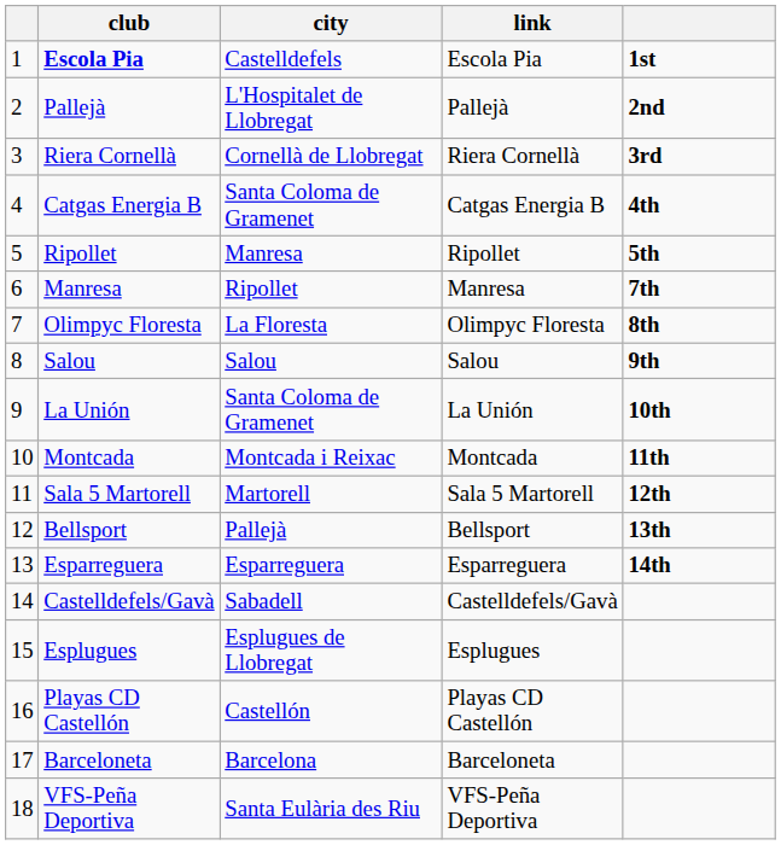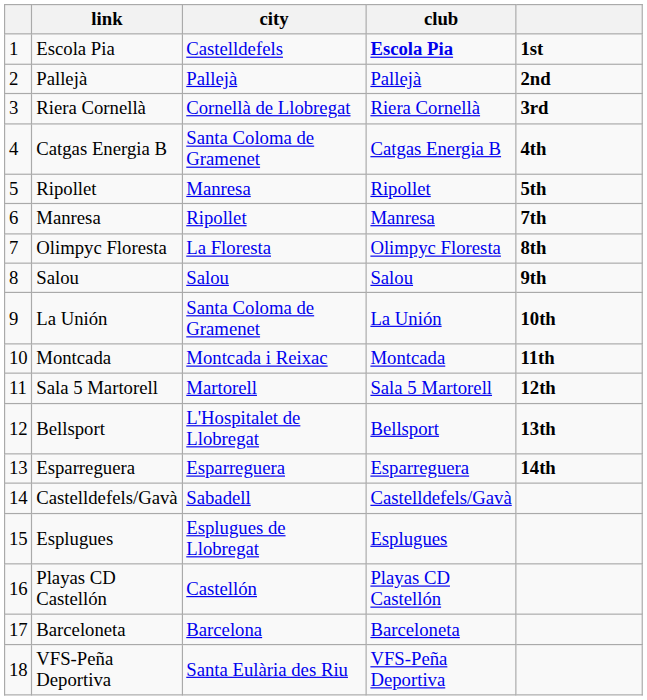 <table class="wikitable sortable">
 <tr>
 <th width=5></th>
+<th width=120>link</th>
+<th width=150>city</th>
 <th width=110>club</th>
-<th width=150>city</th>
-<th width=120>link</th>
 <th width=100></th>
 </tr>
 <tr>
 <td>1</td>
+<td>Escola Pia</td>
+<td><a href='#'>Castelldefels</a></td>
 <td><strong><a href='#'>Escola Pia</a></strong></td>
-<td><a href='#'>Castelldefels</a></td>
-<td>Escola Pia</td>
 <td><strong>1st</strong></td>
 </tr>
 <tr>
 <td>2</td>
+<td>Pallejà</td>
 <td><a href='#'>Pallejà</a></td>
-<td><a href='#'>L'Hospitalet de Llobregat</a></td>
-<td>Pallejà</td>
+<td><a href='#'>Pallejà</a></td>
 <td><strong>2nd</strong></td>
 </tr>
 <tr>
 <td>3</td>
+<td>Riera Cornellà</td>
+<td><a href='#'>Cornellà de Llobregat</a></td>
 <td><a href='#'>Riera Cornellà</a></td>
-<td><a href='#'>Cornellà de Llobregat</a></td>
-<td>Riera Cornellà</td>
 <td><strong>3rd</strong></td>
 </tr>
 <tr>
 <td>4</td>
+<td>Catgas Energia B</td>
+<td><a href='#'>Santa Coloma de Gramenet</a></td>
 <td><a href='#'>Catgas Energia B</a></td>
-<td><a href='#'>Santa Coloma de Gramenet</a></td>
-<td>Catgas Energia B</td>
 <td><strong>4th</strong></td>
 </tr>
 <tr>
 <td>5</td>
+<td>Ripollet</td>
+<td><a href='#'>Manresa</a></td>
 <td><a href='#'>Ripollet</a></td>
-<td><a href='#'>Manresa</a></td>
-<td>Ripollet</td>
 <td><strong>5th</strong></td>
 </tr>
 <tr>
 <td>6</td>
+<td>Manresa</td>
+<td><a href='#'>Ripollet</a></td>
 <td><a href='#'>Manresa</a></td>
-<td><a href='#'>Ripollet</a></td>
-<td>Manresa</td>
 <td><strong>7th</strong></td>
 </tr>
 <tr>
 <td>7</td>
+<td>Olimpyc Floresta</td>
+<td><a href='#'>La Floresta</a></td>
 <td><a href='#'>Olimpyc Floresta</a></td>
-<td><a href='#'>La Floresta</a></td>
-<td>Olimpyc Floresta</td>
 <td><strong>8th</strong></td>
 </tr>
 <tr>
 <td>8</td>
+<td>Salou</td>
 <td><a href='#'>Salou</a></td>
 <td><a href='#'>Salou</a></td>
-<td>Salou</td>
 <td><strong>9th</strong></td>
 </tr>
 <tr>
 <td>9</td>
+<td>La Unión</td>
+<td><a href='#'>Santa Coloma de Gramenet</a></td>
 <td><a href='#'>La Unión</a></td>
-<td><a href='#'>Santa Coloma de Gramenet</a></td>
-<td>La Unión</td>
 <td><strong>10th</strong></td>
 </tr>
 <tr>
 <td>10</td>
+<td>Montcada</td>
+<td><a href='#'>Montcada i Reixac</a></td>
 <td><a href='#'>Montcada</a></td>
-<td><a href='#'>Montcada i Reixac</a></td>
-<td>Montcada</td>
 <td><strong>11th</strong></td>
 </tr>
 <tr>
 <td>11</td>
+<td>Sala 5 Martorell</td>
+<td><a href='#'>Martorell</a></td>
 <td><a href='#'>Sala 5 Martorell</a></td>
-<td><a href='#'>Martorell</a></td>
-<td>Sala 5 Martorell</td>
 <td><strong>12th</strong></td>
 </tr>
 <tr>
 <td>12</td>
+<td>Bellsport</td>
+<td><a href='#'>L'Hospitalet de Llobregat</a></td>
 <td><a href='#'>Bellsport</a></td>
-<td><a href='#'>Pallejà</a></td>
-<td>Bellsport</td>
 <td><strong>13th</strong></td>
 </tr>
 <tr>
 <td>13</td>
+<td>Esparreguera</td>
 <td><a href='#'>Esparreguera</a></td>
 <td><a href='#'>Esparreguera</a></td>
-<td>Esparreguera</td>
 <td><strong>14th</strong></td>
 </tr>
 <tr>
 <td>14</td>
+<td>Castelldefels/Gavà</td>
+<td><a href='#'>Sabadell</a></td>
 <td><a href='#'>Castelldefels/Gavà</a></td>
-<td><a href='#'>Sabadell</a></td>
-<td>Castelldefels/Gavà</td>
 <td><strong></strong></td>
 </tr>
 <tr>
 <td>15</td>
+<td>Esplugues</td>
+<td><a href='#'>Esplugues de Llobregat</a></td>
 <td><a href='#'>Esplugues</a></td>
-<td><a href='#'>Esplugues de Llobregat</a></td>
-<td>Esplugues</td>
 <td><strong></strong></td>
 </tr>
 <tr>
 <td>16</td>
+<td>Playas CD Castellón</td>
+<td><a href='#'>Castellón</a></td>
 <td><a href='#'>Playas CD Castellón</a></td>
-<td><a href='#'>Castellón</a></td>
-<td>Playas CD Castellón</td>
 <td><strong></strong></td>
 </tr>
 <tr>
 <td>17</td>
+<td>Barceloneta</td>
+<td><a href='#'>Barcelona</a></td>
 <td><a href='#'>Barceloneta</a></td>
-<td><a href='#'>Barcelona</a></td>
-<td>Barceloneta</td>
 <td><strong></strong></td>
 </tr>
 <tr>
 <td>18</td>
+<td>VFS-Peña Deportiva</td>
+<td><a href='#'>Santa Eulària des Riu</a></td>
 <td><a href='#'>VFS-Peña Deportiva</a></td>
-<td><a href='#'>Santa Eulària des Riu</a></td>
-<td>VFS-Peña Deportiva</td>
 <td><strong></strong></td>
 </tr>
 </table>
